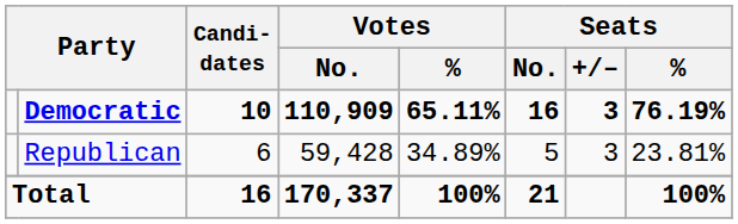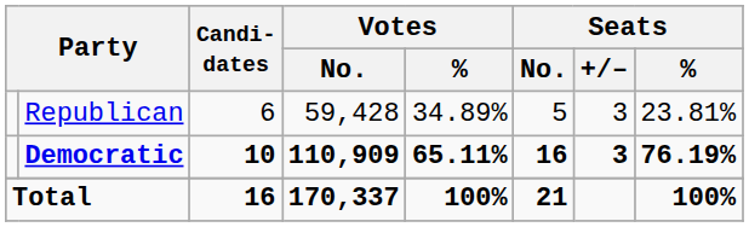 <table class="wikitable" style="font-size:100%; text-align:right;">
 <tr>
 <th colspan=2 rowspan=2>Party</th>
 <th rowspan=2><small>Candi-<br>dates</small></th>
 <th colspan=2>Votes</th>
 <th colspan=3>Seats</th>
 </tr>
 <tr>
 <th>No.</th>
 <th>%</th>
 <th>No.</th>
 <th>+/–</th>
 <th>%</th>
 </tr>
 <tr>
 <td style="background:"></td>
+<td align=left><a href='#'>Republican</a></td>
+<td>6</td>
+<td>59,428</td>
+<td>34.89%</td>
+<td>5</td>
+<td>3</td>
+<td>23.81%</td>
+</tr>
+<tr>
+<td style="background:"></td>
 <td align=left><strong><a href='#'>Democratic</a></strong></td>
 <td><strong>10</strong></td>
 <td><strong>110,909</strong></td>
 <td><strong>65.11%</strong></td>
 <td><strong>16</strong></td>
 <td><strong>3</strong></td>
 <td><strong>76.19%</strong></td>
-</tr>
-<tr>
-<td style="background:"></td>
-<td align=left><a href='#'>Republican</a></td>
-<td>6</td>
-<td>59,428</td>
-<td>34.89%</td>
-<td>5</td>
-<td>3</td>
-<td>23.81%</td>
 </tr>
 <tr>
 </tr>
 <tr style="font-weight:bold">
 <td colspan=2 align=left>Total</td>
 <td>16</td>
 <td>170,337</td>
 <td>100%</td>
 <td>21</td>
 <td></td>
 <td>100%</td>
 </tr>
 </table>
